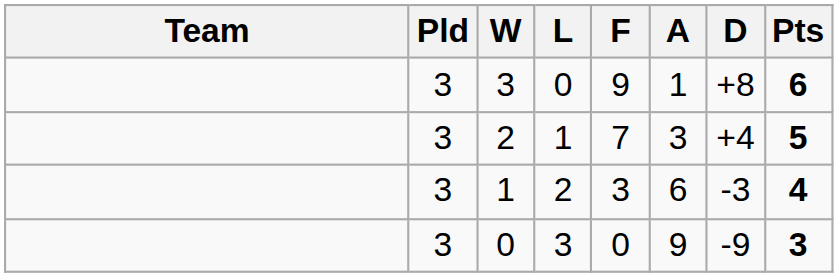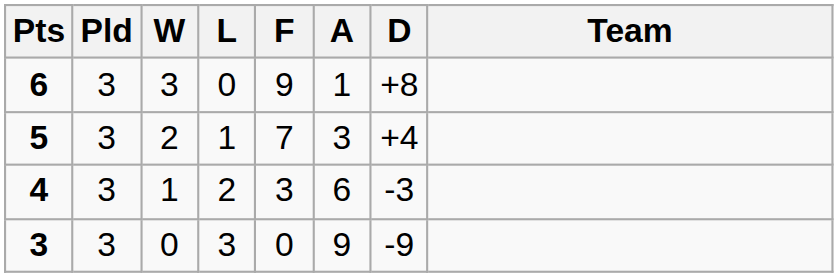 <table class=wikitable style="text-align:center">
 <tr>
-<th width=185>Team</th>
+<th width=20>Pts</th>
 <th width=20>Pld</th>
 <th width=20>W</th>
 <th width=20>L</th>
 <th width=20>F</th>
 <th width=20>A</th>
 <th width=20>D</th>
-<th width=20>Pts</th>
+<th width=185>Team</th>
 </tr>
 <tr>
-<td align="left"></td>
+<td><strong>6</strong></td>
 <td>3</td>
 <td>3</td>
 <td>0</td>
 <td>9</td>
 <td>1</td>
 <td>+8</td>
-<td><strong>6</strong></td>
+<td align="left"></td>
 </tr>
 <tr>
-<td align="left"></td>
+<td><strong>5</strong></td>
 <td>3</td>
 <td>2</td>
 <td>1</td>
 <td>7</td>
 <td>3</td>
 <td>+4</td>
-<td><strong>5</strong></td>
+<td align="left"></td>
 </tr>
 <tr>
-<td align="left"></td>
+<td><strong>4</strong></td>
 <td>3</td>
 <td>1</td>
 <td>2</td>
 <td>3</td>
 <td>6</td>
 <td>-3</td>
-<td><strong>4</strong></td>
+<td align="left"></td>
 </tr>
 <tr>
-<td align="left"></td>
+<td><strong>3</strong></td>
 <td>3</td>
 <td>0</td>
 <td>3</td>
 <td>0</td>
 <td>9</td>
 <td>-9</td>
-<td><strong>3</strong></td>
+<td align="left"></td>
 </tr>
 </table>
